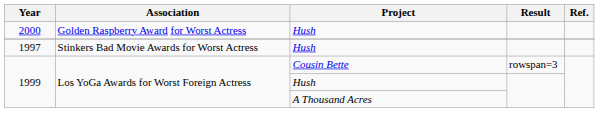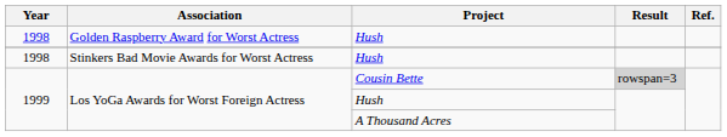 <table class=wikitable>
 <tr>
 <th scope="col" style="width:5em;">Year</th>
 <th scope="col" style="width:27em;">Association</th>
 <th scope="col" style="width:25em;">Project</th>
 <th scope="col" style="width:5em;">Result</th>
 <th>Ref.</th>
 </tr>
 <tr>
-<td style="text-align:center;"><a href='#'>2000</a></td>
+<td style="text-align:center;"><a href='#'>1998</a></td>
 <td><a href='#'>Golden Raspberry Award</a> <a href='#'>for Worst Actress</a></td>
 <td><em><a href='#'>Hush</a></em></td>
 <td></td>
 <td align=center></td>
 </tr>
 <tr>
 </tr>
 <tr>
-<td align=center>1997</td>
+<td align=center>1998</td>
 <td>Stinkers Bad Movie Awards for Worst Actress</td>
 <td><em><a href='#'>Hush</a></em></td>
 <td></td>
 <td align=center></td>
 </tr>
 <tr>
 <td align=center rowspan=3>1999</td>
 <td rowspan=3>Los YoGa Awards for Worst Foreign Actress</td>
 <td><em><a href='#'>Cousin Bette</a></em></td>
-<td>rowspan=3 </td>
+<td style="background: lightgrey;">rowspan=3 </td>
 <td rowspan=3 width=5% align=center></td>
 </tr>
 <tr>
 <td><em>Hush</em></td>
 </tr>
 <tr>
 <td><em>A Thousand Acres</em></td>
 </tr>
 </table>
